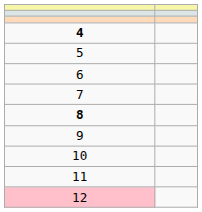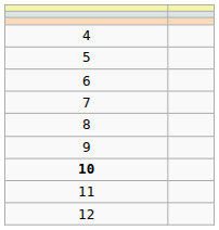 <table class="wikitable" style="width:200px;">
 <tr style="background:#F7F6A8;">
 <td align=center></td>
 <td></td>
 </tr>
 <tr style="background:#DCE5E5;">
 <td align=center></td>
 <td></td>
 </tr>
 <tr style="background:#FFDAB9;">
 <td align=center></td>
 <td></td>
 </tr>
 <tr>
-<td align=center><strong>4</strong></td>
+<td align=center>4</td>
 <td></td>
 </tr>
 <tr>
 <td align=center>5</td>
 <td></td>
 </tr>
 <tr>
 <td align=center>6</td>
 <td></td>
 </tr>
 <tr>
 <td align=center>7</td>
 <td></td>
 </tr>
 <tr>
-<td align=center><strong>8</strong></td>
+<td align=center>8</td>
 <td></td>
 </tr>
 <tr>
 <td align=center>9</td>
 <td></td>
 </tr>
 <tr>
-<td align=center>10</td>
+<td align=center><strong>10</strong></td>
 <td></td>
 </tr>
 <tr>
 <td align=center>11</td>
 <td></td>
 </tr>
 <tr>
-<td align=center style="background: pink;">12</td>
+<td align=center>12</td>
 <td></td>
 </tr>
 </table>
